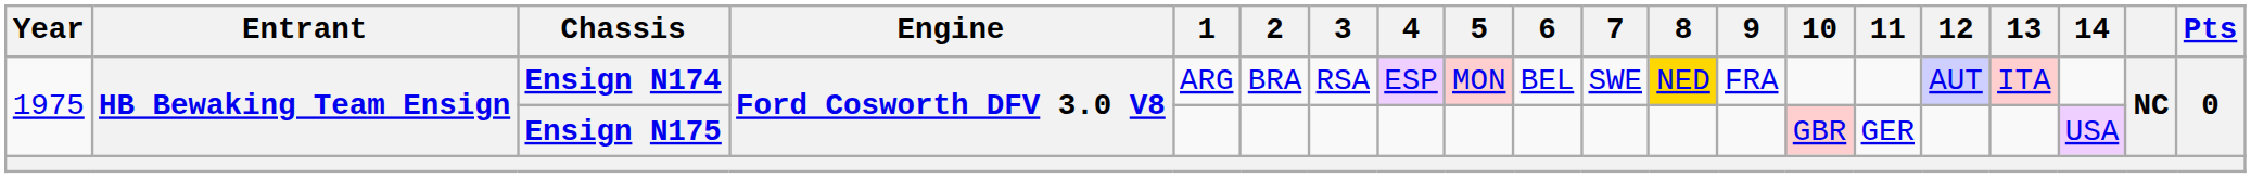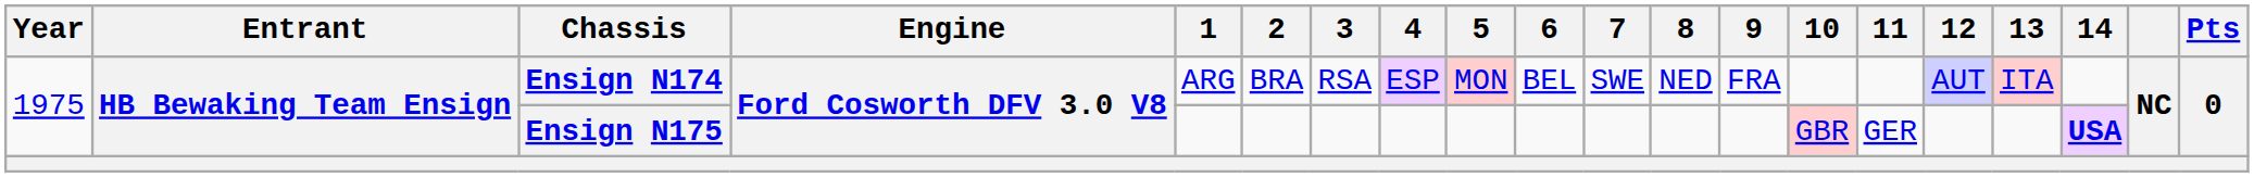 <table class="wikitable" style="text-align:center; font-size:90%">
 <tr>
 <th>Year</th>
 <th>Entrant</th>
 <th>Chassis</th>
 <th>Engine</th>
 <th>1</th>
 <th>2</th>
 <th>3</th>
 <th>4</th>
 <th>5</th>
 <th>6</th>
 <th>7</th>
 <th>8</th>
 <th>9</th>
 <th>10</th>
 <th>11</th>
 <th>12</th>
 <th>13</th>
 <th>14</th>
 <th></th>
 <th><a href='#'>Pts</a></th>
 </tr>
 <tr>
 <td rowspan=2><a href='#'>1975</a></td>
 <th rowspan=2><a href='#'>HB Bewaking Team Ensign</a></th>
 <th><a href='#'>Ensign</a> <a href='#'>N174</a></th>
 <th rowspan=2><a href='#'>Ford Cosworth DFV</a> 3.0 <a href='#'>V8</a></th>
 <td><a href='#'>ARG</a></td>
 <td><a href='#'>BRA</a></td>
 <td><a href='#'>RSA</a></td>
 <td style="background:#EFCFFF;"><a href='#'>ESP</a><br></td>
 <td style="background:#FFCFCF;"><a href='#'>MON</a><br></td>
 <td><a href='#'>BEL</a></td>
 <td><a href='#'>SWE</a></td>
-<td style="background: gold;"><a href='#'>NED</a></td>
+<td><a href='#'>NED</a></td>
 <td><a href='#'>FRA</a></td>
 <td></td>
 <td></td>
 <td style="background:#CFCFFF;"><a href='#'>AUT</a><br></td>
 <td style="background:#FFCFCF;"><a href='#'>ITA</a><br></td>
 <td></td>
 <th rowspan=2>NC</th>
 <th rowspan=2>0</th>
 </tr>
 <tr>
 <th><a href='#'>Ensign</a> <a href='#'>N175</a></th>
 <td></td>
 <td></td>
 <td></td>
 <td></td>
 <td></td>
 <td></td>
 <td></td>
 <td></td>
 <td></td>
 <td style="background:#FFCFCF;"><a href='#'>GBR</a><br></td>
 <td><a href='#'>GER</a></td>
 <td></td>
 <td></td>
-<td style="background:#EFCFFF;"><a href='#'>USA</a><br></td>
+<td style="background:#EFCFFF;"><strong><a href='#'>USA</a><br></strong></td>
 </tr>
 <tr>
 <th colspan="20"></th>
 </tr>
 </table>
